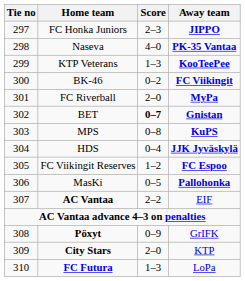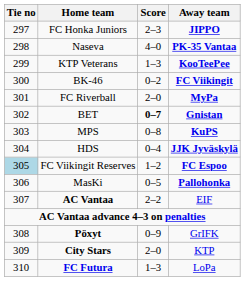 <table class="wikitable" style="text-align: center">
 <tr>
 <th>Tie no</th>
 <th>Home team</th>
 <th>Score</th>
 <th>Away team</th>
 </tr>
 <tr>
 <td>297</td>
 <td>FC Honka Juniors</td>
 <td>2–3</td>
 <td><strong><a href='#'>JIPPO</a></strong></td>
 </tr>
 <tr>
 <td>298</td>
 <td>Naseva</td>
 <td>4–0</td>
 <td><strong><a href='#'>PK-35 Vantaa</a></strong></td>
 </tr>
 <tr>
 <td>299</td>
 <td>KTP Veterans</td>
 <td>1–3 </td>
 <td><strong><a href='#'>KooTeePee</a></strong></td>
 </tr>
 <tr>
 <td>300</td>
 <td>BK-46</td>
 <td>0–2</td>
 <td><strong><a href='#'>FC Viikingit</a></strong></td>
 </tr>
 <tr>
 <td>301</td>
 <td>FC Riverball</td>
 <td>2–0</td>
 <td><strong><a href='#'>MyPa</a></strong></td>
 </tr>
 <tr>
 <td>302</td>
 <td>BET</td>
 <td><strong>0–7</strong></td>
 <td><strong><a href='#'>Gnistan</a></strong></td>
 </tr>
 <tr>
 <td>303</td>
 <td>MPS</td>
 <td>0–8</td>
 <td><strong><a href='#'>KuPS</a></strong></td>
 </tr>
 <tr>
 <td>304</td>
 <td>HDS</td>
 <td>0–4</td>
 <td><strong><a href='#'>JJK Jyväskylä</a></strong></td>
 </tr>
 <tr>
-<td>305</td>
+<td style="background: lightblue;">305</td>
 <td>FC Viikingit Reserves</td>
 <td>1–2</td>
 <td><strong><a href='#'>FC Espoo</a></strong></td>
 </tr>
 <tr>
 <td>306</td>
 <td>MasKi</td>
 <td>0–5</td>
 <td><strong><a href='#'>Pallohonka</a></strong></td>
 </tr>
 <tr>
 <td>307</td>
 <td><strong>AC Vantaa</strong></td>
 <td>2–2 </td>
 <td><a href='#'>EIF</a></td>
 </tr>
 <tr>
 <td colspan=4><strong>AC Vantaa advance 4–3 on <a href='#'>penalties</a></strong></td>
 </tr>
 <tr>
 <td>308</td>
 <td><strong>Pöxyt</strong></td>
 <td>0–9</td>
 <td><a href='#'>GrIFK</a></td>
 </tr>
 <tr>
 <td>309</td>
 <td><strong>City Stars</strong></td>
 <td>2–0</td>
 <td><a href='#'>KTP</a></td>
 </tr>
 <tr>
 <td>310</td>
 <td><strong><a href='#'>FC Futura</a></strong></td>
 <td>1–3</td>
 <td><a href='#'>LoPa</a></td>
 </tr>
 </table>
